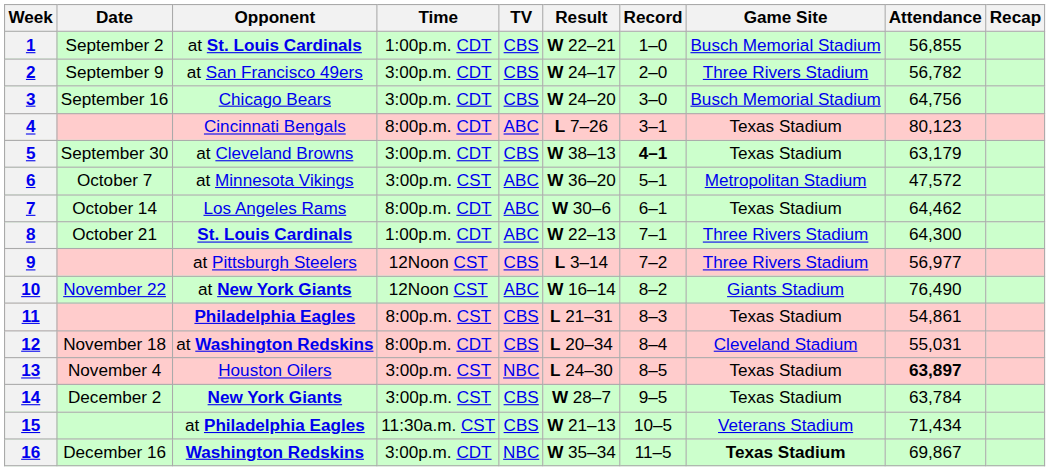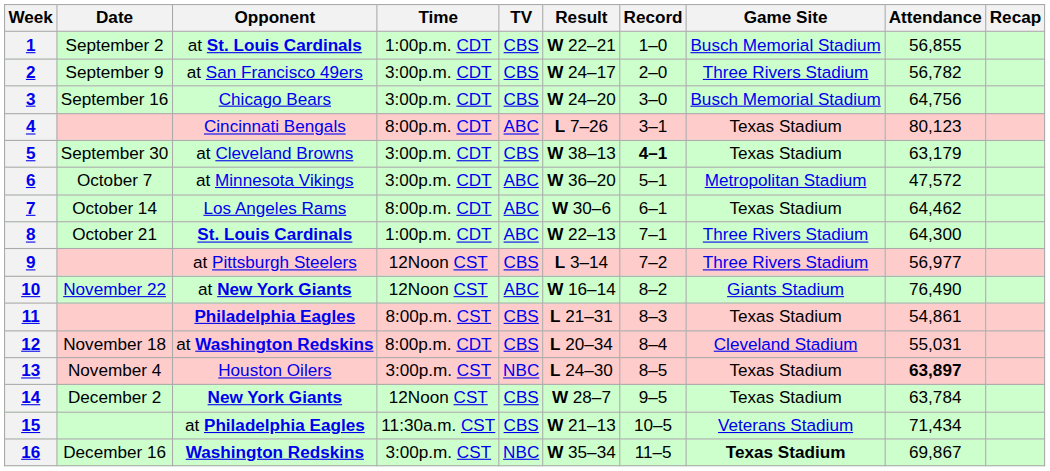 <table class="wikitable" style="text-align:center">
 <tr>
 <th>Week</th>
 <th>Date</th>
 <th>Opponent</th>
 <th>Time</th>
 <th>TV</th>
 <th>Result</th>
 <th>Record</th>
 <th>Game Site</th>
 <th>Attendance</th>
 <th>Recap</th>
 </tr>
 <tr style="background: #cfc">
 <th><a href='#'>1</a></th>
 <td>September 2</td>
 <td>at <strong><a href='#'>St. Louis Cardinals</a></strong></td>
 <td>1:00p.m. <a href='#'>CDT</a></td>
 <td><a href='#'>CBS</a></td>
 <td><strong>W</strong> 22–21</td>
 <td>1–0</td>
 <td><a href='#'>Busch Memorial Stadium</a></td>
 <td>56,855</td>
 <td></td>
 </tr>
 <tr style="background: #cfc">
 <th><a href='#'>2</a></th>
 <td>September 9</td>
 <td>at <a href='#'>San Francisco 49ers</a></td>
 <td>3:00p.m. <a href='#'>CDT</a></td>
 <td><a href='#'>CBS</a></td>
 <td><strong>W</strong> 24–17</td>
 <td>2–0</td>
 <td><a href='#'>Three Rivers Stadium</a></td>
 <td>56,782</td>
 <td></td>
 </tr>
 <tr style="background: #cfc">
 <th><a href='#'>3</a></th>
 <td>September 16</td>
 <td><a href='#'>Chicago Bears</a></td>
 <td>3:00p.m. <a href='#'>CDT</a></td>
 <td><a href='#'>CBS</a></td>
 <td><strong>W</strong> 24–20</td>
 <td>3–0</td>
 <td><a href='#'>Busch Memorial Stadium</a></td>
 <td>64,756</td>
 <td></td>
 </tr>
 <tr style="background: #fcc">
 <th><a href='#'>4</a></th>
 <td></td>
 <td><a href='#'>Cincinnati Bengals</a></td>
 <td>8:00p.m. <a href='#'>CDT</a></td>
 <td><a href='#'>ABC</a></td>
 <td><strong>L</strong> 7–26</td>
 <td>3–1</td>
 <td>Texas Stadium</td>
 <td>80,123</td>
 <td></td>
 </tr>
 <tr style="background: #cfc">
 <th><a href='#'>5</a></th>
 <td>September 30</td>
 <td>at <a href='#'>Cleveland Browns</a></td>
 <td>3:00p.m. <a href='#'>CDT</a></td>
 <td><a href='#'>CBS</a></td>
 <td><strong>W</strong> 38–13</td>
 <td><strong>4–1</strong></td>
 <td>Texas Stadium</td>
 <td>63,179</td>
 <td></td>
 </tr>
 <tr style="background: #cfc">
 <th><a href='#'>6</a></th>
 <td>October 7</td>
 <td>at <a href='#'>Minnesota Vikings</a></td>
-<td>3:00p.m. <a href='#'>CST</a></td>
+<td>3:00p.m. <a href='#'>CDT</a></td>
 <td><a href='#'>ABC</a></td>
 <td><strong>W</strong> 36–20</td>
 <td>5–1</td>
 <td><a href='#'>Metropolitan Stadium</a></td>
 <td>47,572</td>
 <td></td>
 </tr>
 <tr style="background: #cfc">
 <th><a href='#'>7</a></th>
 <td>October 14</td>
 <td><a href='#'>Los Angeles Rams</a></td>
 <td>8:00p.m. <a href='#'>CDT</a></td>
 <td><a href='#'>ABC</a></td>
 <td><strong>W</strong> 30–6</td>
 <td>6–1</td>
 <td>Texas Stadium</td>
 <td>64,462</td>
 <td></td>
 </tr>
 <tr style="background: #cfc">
 <th><a href='#'>8</a></th>
 <td>October 21</td>
 <td><strong><a href='#'>St. Louis Cardinals</a></strong></td>
 <td>1:00p.m. <a href='#'>CDT</a></td>
 <td><a href='#'>ABC</a></td>
 <td><strong>W</strong> 22–13</td>
 <td>7–1</td>
 <td><a href='#'>Three Rivers Stadium</a></td>
 <td>64,300</td>
 <td></td>
 </tr>
 <tr style="background: #fcc">
 <th><a href='#'>9</a></th>
 <td></td>
 <td>at <a href='#'>Pittsburgh Steelers</a></td>
 <td>12Noon <a href='#'>CST</a></td>
 <td><a href='#'>CBS</a></td>
 <td><strong>L</strong> 3–14</td>
 <td>7–2</td>
 <td><a href='#'>Three Rivers Stadium</a></td>
 <td>56,977</td>
 <td></td>
 </tr>
 <tr style="background: #cfc">
 <th><a href='#'>10</a></th>
 <td><a href='#'>November 22</a></td>
 <td>at <strong><a href='#'>New York Giants</a></strong></td>
 <td>12Noon <a href='#'>CST</a></td>
 <td><a href='#'>ABC</a></td>
 <td><strong>W</strong> 16–14</td>
 <td>8–2</td>
 <td><a href='#'>Giants Stadium</a></td>
 <td>76,490</td>
 <td></td>
 </tr>
 <tr style="background: #fcc">
 <th><a href='#'>11</a></th>
 <td></td>
 <td><strong><a href='#'>Philadelphia Eagles</a></strong></td>
 <td>8:00p.m. <a href='#'>CST</a></td>
 <td><a href='#'>CBS</a></td>
 <td><strong>L</strong> 21–31</td>
 <td>8–3</td>
 <td>Texas Stadium</td>
 <td>54,861</td>
 <td></td>
 </tr>
 <tr style="background: #fcc">
 <th><a href='#'>12</a></th>
 <td>November 18</td>
 <td>at <strong><a href='#'>Washington Redskins</a></strong></td>
 <td>8:00p.m. <a href='#'>CDT</a></td>
 <td><a href='#'>CBS</a></td>
 <td><strong>L</strong> 20–34</td>
 <td>8–4</td>
 <td><a href='#'>Cleveland Stadium</a></td>
 <td>55,031</td>
 <td></td>
 </tr>
 <tr style="background: #fcc">
 <th><a href='#'>13</a></th>
 <td>November 4</td>
 <td><a href='#'>Houston Oilers</a></td>
 <td>3:00p.m. <a href='#'>CST</a></td>
 <td><a href='#'>NBC</a></td>
 <td><strong>L</strong> 24–30</td>
 <td>8–5</td>
 <td>Texas Stadium</td>
 <td><strong>63,897</strong></td>
 <td></td>
 </tr>
 <tr style="background: #cfc">
 <th><a href='#'>14</a></th>
 <td>December 2</td>
 <td><strong><a href='#'>New York Giants</a></strong></td>
-<td>3:00p.m. <a href='#'>CST</a></td>
+<td>12Noon <a href='#'>CST</a></td>
 <td><a href='#'>CBS</a></td>
 <td><strong>W</strong> 28–7</td>
 <td>9–5</td>
 <td>Texas Stadium</td>
 <td>63,784</td>
 <td></td>
 </tr>
 <tr style="background: #cfc">
 <th><a href='#'>15</a></th>
 <td></td>
 <td>at <strong><a href='#'>Philadelphia Eagles</a></strong></td>
 <td>11:30a.m. <a href='#'>CST</a></td>
 <td><a href='#'>CBS</a></td>
 <td><strong>W</strong> 21–13</td>
 <td>10–5</td>
 <td><a href='#'>Veterans Stadium</a></td>
 <td>71,434</td>
 <td></td>
 </tr>
 <tr style="background: #cfc">
 <th><a href='#'>16</a></th>
 <td>December 16</td>
 <td><strong><a href='#'>Washington Redskins</a></strong></td>
-<td>3:00p.m. <a href='#'>CDT</a></td>
+<td>3:00p.m. <a href='#'>CST</a></td>
 <td><a href='#'>NBC</a></td>
 <td><strong>W</strong> 35–34</td>
 <td>11–5</td>
 <td><strong>Texas Stadium</strong></td>
 <td>69,867</td>
 <td></td>
 </tr>
 </table>
